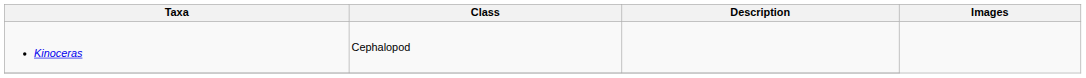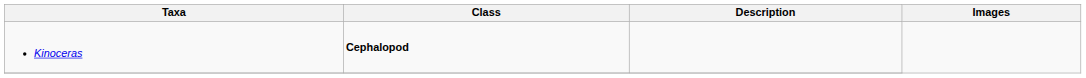 <table class="wikitable" align="center" width="100%">
 <tr>
 <th>Taxa</th>
 <th>Class</th>
 <th>Description</th>
 <th>Images</th>
 </tr>
 <tr>
 <td><br><ul><li><em><a href='#'>Kinoceras</a></em></li></ul></td>
-<td>Cephalopod</td>
+<td><strong>Cephalopod</strong></td>
 <td></td>
 <td rowspan="99"></td>
 </tr>
 <tr>
 </tr>
 </table>
